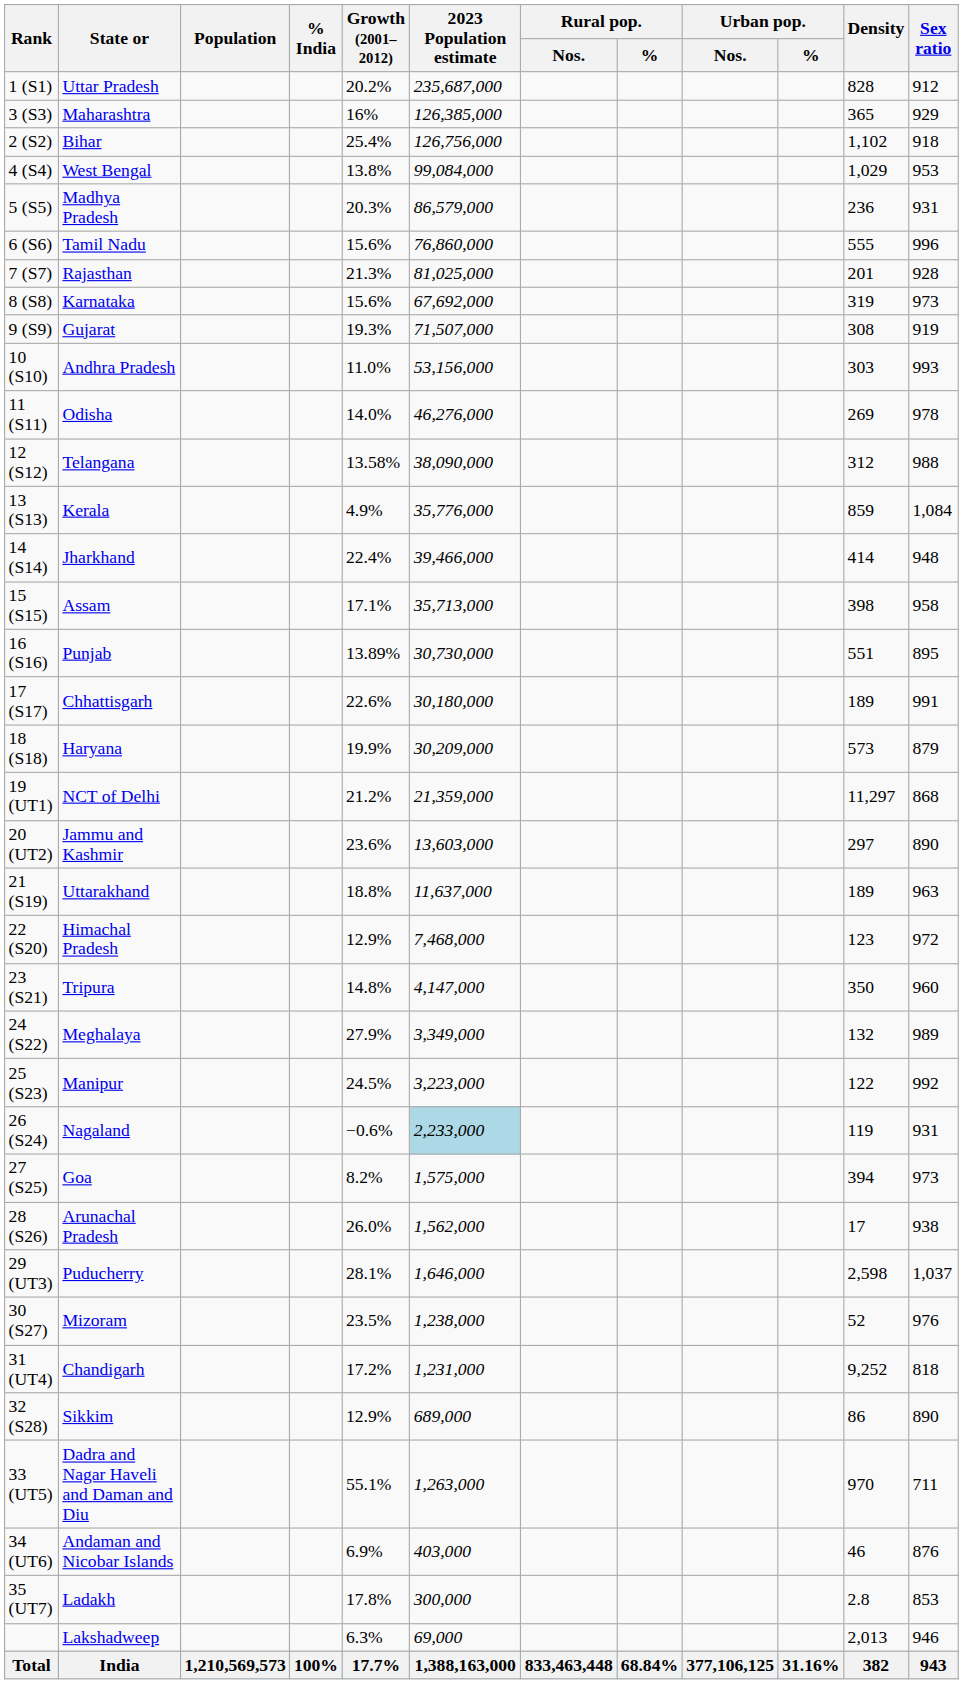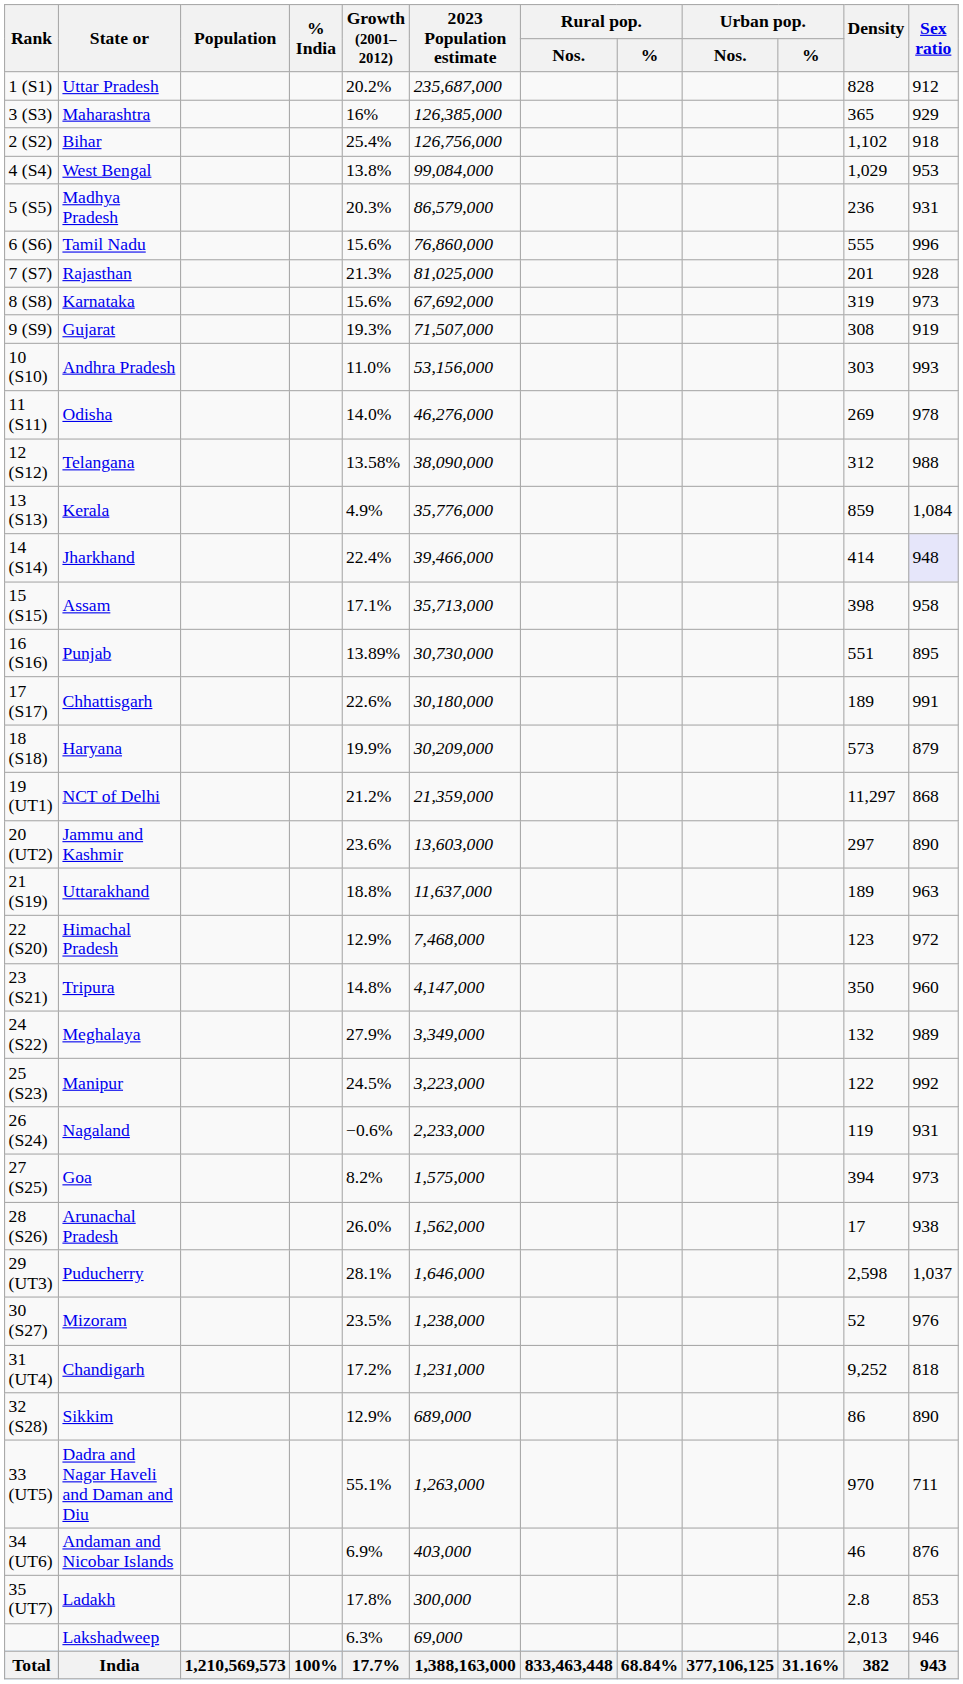 <table class="wikitable sortable col2left" >
 <tr>
 <th rowspan=2>Rank</th>
 <th rowspan=2>State or </th>
 <th rowspan=2>Population<br></th>
 <th rowspan=2>%<br>India</th>
 <th rowspan=2>Growth<br><small>(2001–2012)</small></th>
 <th rowspan=2>2023 Population<br>estimate</th>
 <th colspan=2>Rural pop.</th>
 <th colspan=2>Urban pop.</th>
 <th rowspan=2>Density<br><br></th>
 <th rowspan=2><a href='#'>Sex ratio</a><br></th>
 </tr>
 <tr>
 <th>Nos.</th>
 <th>%</th>
 <th>Nos.</th>
 <th>%</th>
 </tr>
 <tr>
 <td>1 (S1)</td>
 <td><a href='#'>Uttar Pradesh</a></td>
 <td></td>
 <td></td>
 <td>20.2%</td>
 <td><em>235,687,000</em></td>
 <td></td>
 <td></td>
 <td></td>
 <td></td>
 <td>828</td>
 <td>912</td>
 </tr>
 <tr>
 <td>3 (S3)</td>
 <td><a href='#'>Maharashtra</a></td>
 <td></td>
 <td></td>
 <td>16%</td>
 <td><em>126,385,000</em></td>
 <td></td>
 <td></td>
 <td></td>
 <td></td>
 <td>365</td>
 <td>929</td>
 </tr>
 <tr>
 <td>2 (S2)</td>
 <td><a href='#'>Bihar</a></td>
 <td></td>
 <td></td>
 <td>25.4%</td>
 <td><em>126,756,000</em></td>
 <td></td>
 <td></td>
 <td></td>
 <td></td>
 <td>1,102</td>
 <td>918</td>
 </tr>
 <tr>
 <td>4 (S4)</td>
 <td><a href='#'>West Bengal</a></td>
 <td></td>
 <td></td>
 <td>13.8%</td>
 <td><em>99,084,000</em></td>
 <td></td>
 <td></td>
 <td></td>
 <td></td>
 <td>1,029</td>
 <td>953</td>
 </tr>
 <tr>
 <td>5 (S5)</td>
 <td><a href='#'>Madhya Pradesh</a></td>
 <td></td>
 <td></td>
 <td>20.3%</td>
 <td><em>86,579,000</em></td>
 <td></td>
 <td></td>
 <td></td>
 <td></td>
 <td>236</td>
 <td>931</td>
 </tr>
 <tr>
 <td>6 (S6)</td>
 <td><a href='#'>Tamil Nadu</a></td>
 <td></td>
 <td></td>
 <td>15.6%</td>
 <td><em>76,860,000</em></td>
 <td></td>
 <td></td>
 <td></td>
 <td></td>
 <td>555</td>
 <td>996</td>
 </tr>
 <tr>
 <td>7 (S7)</td>
 <td><a href='#'>Rajasthan</a></td>
 <td></td>
 <td></td>
 <td>21.3%</td>
 <td><em>81,025,000</em></td>
 <td></td>
 <td></td>
 <td></td>
 <td></td>
 <td>201</td>
 <td>928</td>
 </tr>
 <tr>
 <td>8 (S8)</td>
 <td><a href='#'>Karnataka</a></td>
 <td></td>
 <td></td>
 <td>15.6%</td>
 <td><em>67,692,000</em></td>
 <td></td>
 <td></td>
 <td></td>
 <td></td>
 <td>319</td>
 <td>973</td>
 </tr>
 <tr>
 <td>9 (S9)</td>
 <td><a href='#'>Gujarat</a></td>
 <td></td>
 <td></td>
 <td>19.3%</td>
 <td><em>71,507,000</em></td>
 <td></td>
 <td></td>
 <td></td>
 <td></td>
 <td>308</td>
 <td>919</td>
 </tr>
 <tr>
 <td>10 (S10)</td>
 <td><a href='#'>Andhra Pradesh</a></td>
 <td></td>
 <td></td>
 <td>11.0%</td>
 <td><em>53,156,000</em></td>
 <td></td>
 <td></td>
 <td></td>
 <td></td>
 <td>303</td>
 <td>993</td>
 </tr>
 <tr>
 <td>11 (S11)</td>
 <td><a href='#'>Odisha</a></td>
 <td></td>
 <td></td>
 <td>14.0%</td>
 <td><em>46,276,000</em></td>
 <td></td>
 <td></td>
 <td></td>
 <td></td>
 <td>269</td>
 <td>978</td>
 </tr>
 <tr>
 <td>12 (S12)</td>
 <td><a href='#'>Telangana</a></td>
 <td></td>
 <td></td>
 <td>13.58%</td>
 <td><em>38,090,000</em></td>
 <td></td>
 <td></td>
 <td></td>
 <td></td>
 <td>312</td>
 <td>988</td>
 </tr>
 <tr>
 <td>13 (S13)</td>
 <td><a href='#'>Kerala</a></td>
 <td></td>
 <td></td>
 <td>4.9%</td>
 <td><em>35,776,000</em></td>
 <td></td>
 <td></td>
 <td></td>
 <td></td>
 <td>859</td>
 <td>1,084</td>
 </tr>
 <tr>
 <td>14 (S14)</td>
 <td><a href='#'>Jharkhand</a></td>
 <td></td>
 <td></td>
 <td>22.4%</td>
 <td><em>39,466,000</em></td>
 <td></td>
 <td></td>
 <td></td>
 <td></td>
 <td>414</td>
-<td>948</td>
+<td style="background: lavender;">948</td>
 </tr>
 <tr>
 <td>15 (S15)</td>
 <td><a href='#'>Assam</a></td>
 <td></td>
 <td></td>
 <td>17.1%</td>
 <td><em>35,713,000</em></td>
 <td></td>
 <td></td>
 <td></td>
 <td></td>
 <td>398</td>
 <td>958</td>
 </tr>
 <tr>
 <td>16 (S16)</td>
 <td><a href='#'>Punjab</a></td>
 <td></td>
 <td></td>
 <td>13.89%</td>
 <td><em>30,730,000</em></td>
 <td></td>
 <td></td>
 <td></td>
 <td></td>
 <td>551</td>
 <td>895</td>
 </tr>
 <tr>
 <td>17 (S17)</td>
 <td><a href='#'>Chhattisgarh</a></td>
 <td></td>
 <td></td>
 <td>22.6%</td>
 <td><em>30,180,000</em></td>
 <td></td>
 <td></td>
 <td></td>
 <td></td>
 <td>189</td>
 <td>991</td>
 </tr>
 <tr>
 <td>18 (S18)</td>
 <td><a href='#'>Haryana</a></td>
 <td></td>
 <td></td>
 <td>19.9%</td>
 <td><em>30,209,000</em></td>
 <td></td>
 <td></td>
 <td></td>
 <td></td>
 <td>573</td>
 <td>879</td>
 </tr>
 <tr>
 <td>19 (UT1)</td>
 <td><a href='#'>NCT of Delhi</a></td>
 <td></td>
 <td></td>
 <td>21.2%</td>
 <td><em>21,359,000</em></td>
 <td></td>
 <td></td>
 <td></td>
 <td></td>
 <td>11,297</td>
 <td>868</td>
 </tr>
 <tr>
 <td>20 (UT2)</td>
 <td><a href='#'>Jammu and Kashmir</a></td>
 <td></td>
 <td></td>
 <td>23.6%</td>
 <td><em>13,603,000</em></td>
 <td></td>
 <td></td>
 <td></td>
 <td></td>
 <td>297</td>
 <td>890</td>
 </tr>
 <tr>
 <td>21 (S19)</td>
 <td><a href='#'>Uttarakhand</a></td>
 <td></td>
 <td></td>
 <td>18.8%</td>
 <td><em>11,637,000</em></td>
 <td></td>
 <td></td>
 <td></td>
 <td></td>
 <td>189</td>
 <td>963</td>
 </tr>
 <tr>
 <td>22 (S20)</td>
 <td><a href='#'>Himachal Pradesh</a></td>
 <td></td>
 <td></td>
 <td>12.9%</td>
 <td><em>7,468,000</em></td>
 <td></td>
 <td></td>
 <td></td>
 <td></td>
 <td>123</td>
 <td>972</td>
 </tr>
 <tr>
 <td>23 (S21)</td>
 <td><a href='#'>Tripura</a></td>
 <td></td>
 <td></td>
 <td>14.8%</td>
 <td><em>4,147,000</em></td>
 <td></td>
 <td></td>
 <td></td>
 <td></td>
 <td>350</td>
 <td>960</td>
 </tr>
 <tr>
 <td>24 (S22)</td>
 <td><a href='#'>Meghalaya</a></td>
 <td></td>
 <td></td>
 <td>27.9%</td>
 <td><em>3,349,000</em></td>
 <td></td>
 <td></td>
 <td></td>
 <td></td>
 <td>132</td>
 <td>989</td>
 </tr>
 <tr>
 <td>25 (S23)</td>
 <td><a href='#'>Manipur</a></td>
 <td></td>
 <td></td>
 <td>24.5%</td>
 <td><em>3,223,000</em></td>
 <td></td>
 <td></td>
 <td></td>
 <td></td>
 <td>122</td>
 <td>992</td>
 </tr>
 <tr>
 <td>26 (S24)</td>
 <td><a href='#'>Nagaland</a></td>
 <td></td>
 <td></td>
 <td>−0.6%</td>
-<td style="background: lightblue;"><em>2,233,000</em></td>
+<td><em>2,233,000</em></td>
 <td></td>
 <td></td>
 <td></td>
 <td></td>
 <td>119</td>
 <td>931</td>
 </tr>
 <tr>
 <td>27 (S25)</td>
 <td><a href='#'>Goa</a></td>
 <td></td>
 <td></td>
 <td>8.2%</td>
 <td><em>1,575,000</em></td>
 <td></td>
 <td></td>
 <td></td>
 <td></td>
 <td>394</td>
 <td>973</td>
 </tr>
 <tr>
 <td>28 (S26)</td>
 <td><a href='#'>Arunachal Pradesh</a></td>
 <td></td>
 <td></td>
 <td>26.0%</td>
 <td><em>1,562,000</em></td>
 <td></td>
 <td></td>
 <td></td>
 <td></td>
 <td>17</td>
 <td>938</td>
 </tr>
 <tr>
 <td>29 (UT3)</td>
 <td><a href='#'>Puducherry</a></td>
 <td></td>
 <td></td>
 <td>28.1%</td>
 <td><em>1,646,000</em></td>
 <td></td>
 <td></td>
 <td></td>
 <td></td>
 <td>2,598</td>
 <td>1,037</td>
 </tr>
 <tr>
 <td>30 (S27)</td>
 <td><a href='#'>Mizoram</a></td>
 <td></td>
 <td></td>
 <td>23.5%</td>
 <td><em>1,238,000</em></td>
 <td></td>
 <td></td>
 <td></td>
 <td></td>
 <td>52</td>
 <td>976</td>
 </tr>
 <tr>
 <td>31 (UT4)</td>
 <td><a href='#'>Chandigarh</a></td>
 <td></td>
 <td></td>
 <td>17.2%</td>
 <td><em>1,231,000</em></td>
 <td></td>
 <td></td>
 <td></td>
 <td></td>
 <td>9,252</td>
 <td>818</td>
 </tr>
 <tr>
 <td>32 (S28)</td>
 <td><a href='#'>Sikkim</a></td>
 <td></td>
 <td></td>
 <td>12.9%</td>
 <td><em>689,000</em></td>
 <td></td>
 <td></td>
 <td></td>
 <td></td>
 <td>86</td>
 <td>890</td>
 </tr>
 <tr>
 <td>33 (UT5)</td>
 <td><a href='#'>Dadra and Nagar Haveli and Daman and Diu</a></td>
 <td></td>
 <td></td>
 <td>55.1%</td>
 <td><em>1,263,000</em></td>
 <td></td>
 <td></td>
 <td></td>
 <td></td>
 <td>970</td>
 <td>711</td>
 </tr>
 <tr>
 <td>34 (UT6)</td>
 <td><a href='#'>Andaman and Nicobar Islands</a></td>
 <td></td>
 <td></td>
 <td>6.9%</td>
 <td><em>403,000</em></td>
 <td></td>
 <td></td>
 <td></td>
 <td></td>
 <td>46</td>
 <td>876</td>
 </tr>
 <tr>
 <td>35 (UT7)</td>
 <td><a href='#'>Ladakh</a></td>
 <td></td>
 <td></td>
 <td>17.8%</td>
 <td><em>300,000</em></td>
 <td></td>
 <td></td>
 <td></td>
 <td></td>
 <td>2.8</td>
 <td>853</td>
 </tr>
 <tr>
 <td></td>
 <td><a href='#'>Lakshadweep</a></td>
 <td></td>
 <td></td>
 <td>6.3%</td>
 <td><em>69,000</em></td>
 <td></td>
 <td></td>
 <td></td>
 <td></td>
 <td>2,013</td>
 <td>946</td>
 </tr>
 <tr class="sortbottom" style="background:#9cf;">
 <th>Total</th>
 <th>India</th>
 <th>1,210,569,573</th>
 <th>100%</th>
 <th>17.7%</th>
 <th>1,388,163,000</th>
 <th>833,463,448</th>
 <th>68.84%</th>
 <th>377,106,125</th>
 <th>31.16%</th>
 <th>382</th>
 <th>943</th>
 </tr>
 </table>
